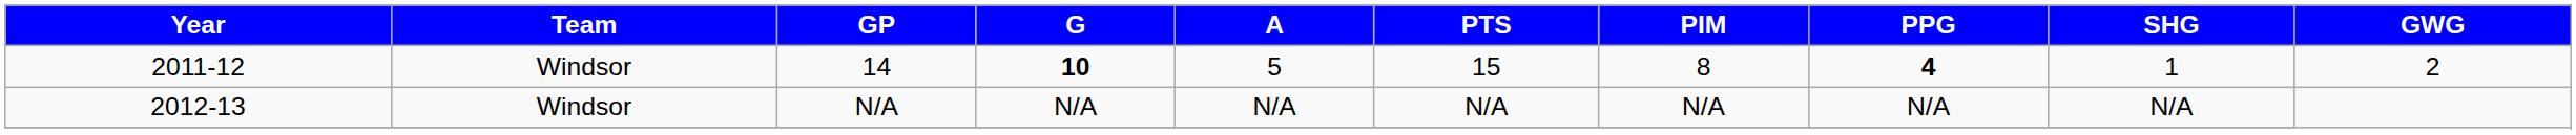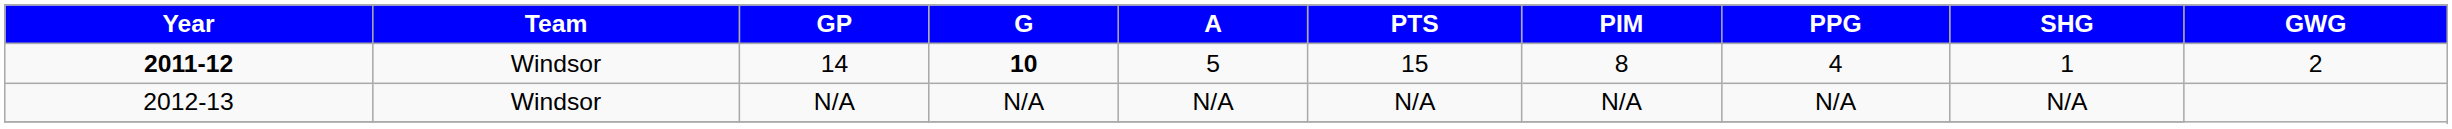 <table class="wikitable" width="80%">
 <tr align="center"  style=" background:blue;color:#FFFFFF;">
 <td><strong>Year</strong></td>
 <td><strong>Team</strong></td>
 <td><strong>GP</strong></td>
 <td><strong>G</strong></td>
 <td><strong>A</strong></td>
 <td><strong>PTS</strong></td>
 <td><strong>PIM</strong></td>
 <td><strong>PPG</strong></td>
 <td><strong>SHG</strong></td>
 <td><strong>GWG</strong></td>
 </tr>
 <tr align="center" bgcolor="">
-<td>2011-12</td>
+<td><strong>2011-12</strong></td>
 <td>Windsor</td>
 <td>14</td>
 <td><strong>10</strong></td>
 <td>5</td>
 <td>15</td>
 <td>8</td>
-<td><strong>4</strong></td>
+<td>4</td>
 <td>1</td>
 <td>2</td>
 </tr>
 <tr align="center" bgcolor="">
 <td>2012-13</td>
 <td>Windsor</td>
 <td>N/A</td>
 <td>N/A</td>
 <td>N/A</td>
 <td>N/A</td>
 <td>N/A</td>
 <td>N/A</td>
 <td>N/A</td>
 </tr>
 <tr align="center" bgcolor="">
 </tr>
 </table>
